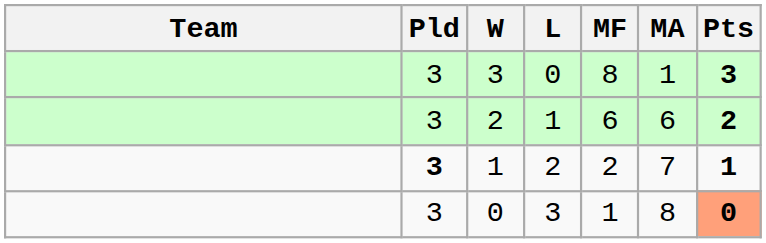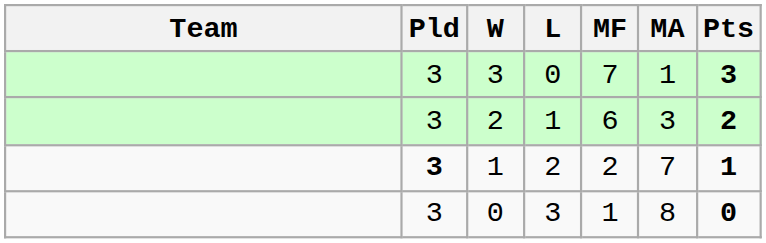 <table class=wikitable style="text-align:center">
 <tr>
 <th width=175>Team</th>
 <th width=20>Pld</th>
 <th width=20>W</th>
 <th width=20>L</th>
 <th width=20>MF</th>
 <th width=20>MA</th>
 <th width=20>Pts</th>
 </tr>
 <tr bgcolor=ccffcc>
 <td style="text-align:left"></td>
 <td>3</td>
 <td>3</td>
 <td>0</td>
-<td>8</td>
+<td>7</td>
 <td>1</td>
 <td><strong>3</strong></td>
 </tr>
 <tr bgcolor=ccffcc>
 <td style="text-align:left"></td>
 <td>3</td>
 <td>2</td>
 <td>1</td>
 <td>6</td>
-<td>6</td>
+<td>3</td>
 <td><strong>2</strong></td>
 </tr>
 <tr>
 <td style="text-align:left"></td>
 <td><strong>3</strong></td>
 <td>1</td>
 <td>2</td>
 <td>2</td>
 <td>7</td>
 <td><strong>1</strong></td>
 </tr>
 <tr>
 <td style="text-align:left"></td>
 <td>3</td>
 <td>0</td>
 <td>3</td>
 <td>1</td>
 <td>8</td>
-<td style="background: lightsalmon;"><strong>0</strong></td>
+<td><strong>0</strong></td>
 </tr>
 </table>
